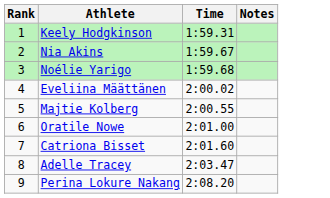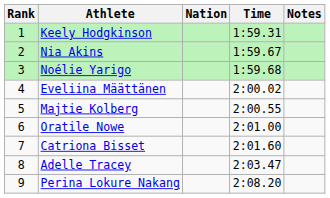 <table class="wikitable sortable" style="text-align:center;">
 <tr>
 <th>Rank</th>
 <th>Athlete</th>
+<th>Nation</th>
 <th>Time</th>
 <th>Notes</th>
 </tr>
 <tr bgcolor=bbf3bb>
 <td>1</td>
 <td align=left><a href='#'>Keely Hodgkinson</a></td>
+<td align=left></td>
 <td>1:59.31</td>
 <td></td>
 </tr>
 <tr bgcolor=bbf3bb>
 <td>2</td>
 <td align=left><a href='#'>Nia Akins</a></td>
+<td align=left></td>
 <td>1:59.67</td>
 <td></td>
 </tr>
 <tr bgcolor=bbf3bb>
 <td>3</td>
 <td align=left><a href='#'>Noélie Yarigo</a></td>
+<td align=left></td>
 <td>1:59.68</td>
 <td></td>
 </tr>
 <tr>
 <td>4</td>
 <td align=left><a href='#'>Eveliina Määttänen</a></td>
+<td align=left></td>
 <td>2:00.02</td>
 <td></td>
 </tr>
 <tr>
 <td>5</td>
 <td align=left><a href='#'>Majtie Kolberg</a></td>
+<td align=left></td>
 <td>2:00.55</td>
 <td></td>
 </tr>
 <tr>
 <td>6</td>
 <td align=left><a href='#'>Oratile Nowe</a></td>
+<td align=left></td>
 <td>2:01.00</td>
 <td></td>
 </tr>
 <tr>
 <td>7</td>
 <td align=left><a href='#'>Catriona Bisset</a></td>
+<td align=left></td>
 <td>2:01.60</td>
 <td></td>
 </tr>
 <tr>
 <td>8</td>
 <td align=left><a href='#'>Adelle Tracey</a></td>
+<td align=left></td>
 <td>2:03.47</td>
 <td></td>
 </tr>
 <tr>
 <td>9</td>
 <td align=left><a href='#'>Perina Lokure Nakang</a></td>
+<td align=left></td>
 <td>2:08.20</td>
 <td></td>
 </tr>
 </table>
